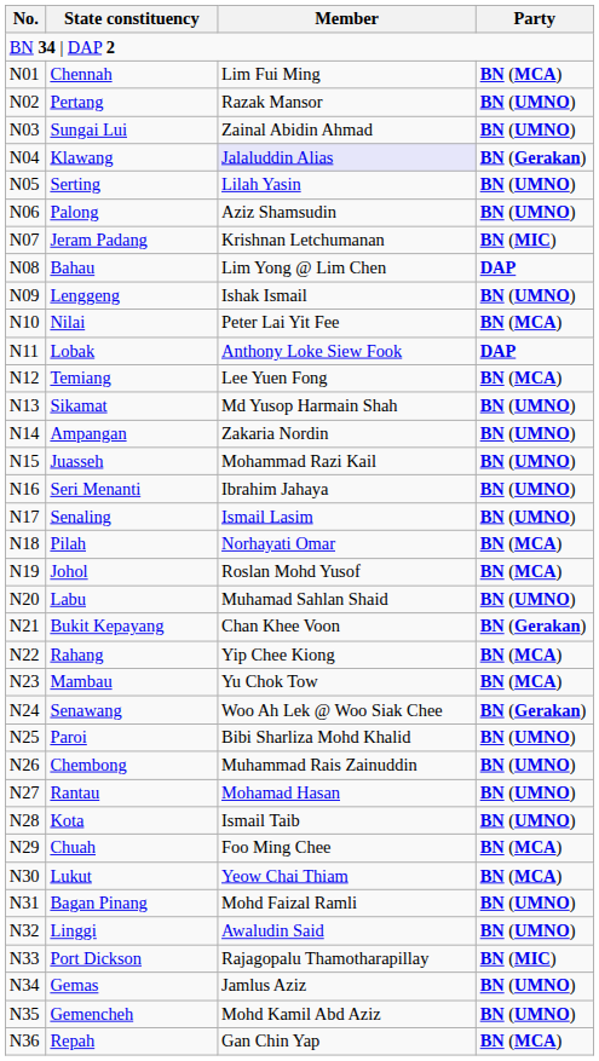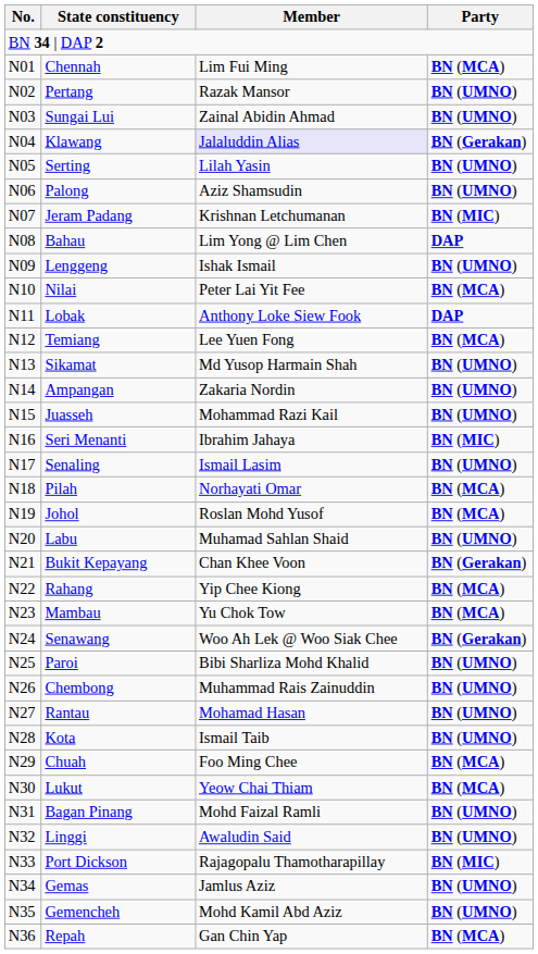 <table class="wikitable sortable">
 <tr>
 <th style="width:30px;">No.</th>
 <th style="width:150px;">State constituency</th>
 <th style="width:230px;">Member</th>
 <th style="width:100px;">Party</th>
 </tr>
 <tr>
 <td colspan="4"><a href='#'>BN</a> <strong>34</strong> | <a href='#'>DAP</a> <strong>2</strong></td>
 </tr>
 <tr>
 <td>N01</td>
 <td><a href='#'>Chennah</a></td>
 <td>Lim Fui Ming</td>
 <td><strong><a href='#'>BN</a></strong> (<strong><a href='#'>MCA</a></strong>)</td>
 </tr>
 <tr>
 <td>N02</td>
 <td><a href='#'>Pertang</a></td>
 <td>Razak Mansor</td>
 <td><strong><a href='#'>BN</a></strong> (<strong><a href='#'>UMNO</a></strong>)</td>
 </tr>
 <tr>
 <td>N03</td>
 <td><a href='#'>Sungai Lui</a></td>
 <td>Zainal Abidin Ahmad</td>
 <td><strong><a href='#'>BN</a></strong> (<strong><a href='#'>UMNO</a></strong>)</td>
 </tr>
 <tr>
 <td>N04</td>
 <td><a href='#'>Klawang</a></td>
 <td style="background: lavender;"><a href='#'>Jalaluddin Alias</a></td>
 <td><strong><a href='#'>BN</a></strong> (<strong><a href='#'>Gerakan</a></strong>)</td>
 </tr>
 <tr>
 <td>N05</td>
 <td><a href='#'>Serting</a></td>
 <td><a href='#'>Lilah Yasin</a></td>
 <td><strong><a href='#'>BN</a></strong> (<strong><a href='#'>UMNO</a></strong>)</td>
 </tr>
 <tr>
 <td>N06</td>
 <td><a href='#'>Palong</a></td>
 <td>Aziz Shamsudin</td>
 <td><strong><a href='#'>BN</a></strong> (<strong><a href='#'>UMNO</a></strong>)</td>
 </tr>
 <tr>
 <td>N07</td>
 <td><a href='#'>Jeram Padang</a></td>
 <td>Krishnan Letchumanan</td>
 <td><strong><a href='#'>BN</a></strong> (<strong><a href='#'>MIC</a></strong>)</td>
 </tr>
 <tr>
 <td>N08</td>
 <td><a href='#'>Bahau</a></td>
 <td>Lim Yong @ Lim Chen</td>
 <td><strong><a href='#'>DAP</a></strong></td>
 </tr>
 <tr>
 <td>N09</td>
 <td><a href='#'>Lenggeng</a></td>
 <td>Ishak Ismail</td>
 <td><strong><a href='#'>BN</a></strong> (<strong><a href='#'>UMNO</a></strong>)</td>
 </tr>
 <tr>
 <td>N10</td>
 <td><a href='#'>Nilai</a></td>
 <td>Peter Lai Yit Fee</td>
 <td><strong><a href='#'>BN</a></strong> (<strong><a href='#'>MCA</a></strong>)</td>
 </tr>
 <tr>
 <td>N11</td>
 <td><a href='#'>Lobak</a></td>
 <td><a href='#'>Anthony Loke Siew Fook</a></td>
 <td><strong><a href='#'>DAP</a></strong></td>
 </tr>
 <tr>
 <td>N12</td>
 <td><a href='#'>Temiang</a></td>
 <td>Lee Yuen Fong</td>
 <td><strong><a href='#'>BN</a></strong> (<strong><a href='#'>MCA</a></strong>)</td>
 </tr>
 <tr>
 <td>N13</td>
 <td><a href='#'>Sikamat</a></td>
 <td>Md Yusop Harmain Shah</td>
 <td><strong><a href='#'>BN</a></strong> (<strong><a href='#'>UMNO</a></strong>)</td>
 </tr>
 <tr>
 <td>N14</td>
 <td><a href='#'>Ampangan</a></td>
 <td>Zakaria Nordin</td>
 <td><strong><a href='#'>BN</a></strong> (<strong><a href='#'>UMNO</a></strong>)</td>
 </tr>
 <tr>
 <td>N15</td>
 <td><a href='#'>Juasseh</a></td>
 <td>Mohammad Razi Kail</td>
 <td><strong><a href='#'>BN</a></strong> (<strong><a href='#'>UMNO</a></strong>)</td>
 </tr>
 <tr>
 <td>N16</td>
 <td><a href='#'>Seri Menanti</a></td>
 <td>Ibrahim Jahaya</td>
-<td><strong><a href='#'>BN</a></strong> (<strong><a href='#'>UMNO</a></strong>)</td>
+<td><strong><a href='#'>BN</a></strong> (<strong><a href='#'>MIC</a></strong>)</td>
 </tr>
 <tr>
 <td>N17</td>
 <td><a href='#'>Senaling</a></td>
 <td><a href='#'>Ismail Lasim</a></td>
 <td><strong><a href='#'>BN</a></strong> (<strong><a href='#'>UMNO</a></strong>)</td>
 </tr>
 <tr>
 <td>N18</td>
 <td><a href='#'>Pilah</a></td>
 <td><a href='#'>Norhayati Omar</a></td>
 <td><strong><a href='#'>BN</a></strong> (<strong><a href='#'>MCA</a></strong>)</td>
 </tr>
 <tr>
 <td>N19</td>
 <td><a href='#'>Johol</a></td>
 <td>Roslan Mohd Yusof</td>
 <td><strong><a href='#'>BN</a></strong> (<strong><a href='#'>MCA</a></strong>)</td>
 </tr>
 <tr>
 <td>N20</td>
 <td><a href='#'>Labu</a></td>
 <td>Muhamad Sahlan Shaid</td>
 <td><strong><a href='#'>BN</a></strong> (<strong><a href='#'>UMNO</a></strong>)</td>
 </tr>
 <tr>
 <td>N21</td>
 <td><a href='#'>Bukit Kepayang</a></td>
 <td>Chan Khee Voon</td>
 <td><strong><a href='#'>BN</a></strong> (<strong><a href='#'>Gerakan</a></strong>)</td>
 </tr>
 <tr>
 <td>N22</td>
 <td><a href='#'>Rahang</a></td>
 <td>Yip Chee Kiong</td>
 <td><strong><a href='#'>BN</a></strong> (<strong><a href='#'>MCA</a></strong>)</td>
 </tr>
 <tr>
 <td>N23</td>
 <td><a href='#'>Mambau</a></td>
 <td>Yu Chok Tow</td>
 <td><strong><a href='#'>BN</a></strong> (<strong><a href='#'>MCA</a></strong>)</td>
 </tr>
 <tr>
 <td>N24</td>
 <td><a href='#'>Senawang</a></td>
 <td>Woo Ah Lek @ Woo Siak Chee</td>
 <td><strong><a href='#'>BN</a></strong> (<strong><a href='#'>Gerakan</a></strong>)</td>
 </tr>
 <tr>
 <td>N25</td>
 <td><a href='#'>Paroi</a></td>
 <td>Bibi Sharliza Mohd Khalid</td>
 <td><strong><a href='#'>BN</a></strong> (<strong><a href='#'>UMNO</a></strong>)</td>
 </tr>
 <tr>
 <td>N26</td>
 <td><a href='#'>Chembong</a></td>
 <td>Muhammad Rais Zainuddin</td>
 <td><strong><a href='#'>BN</a></strong> (<strong><a href='#'>UMNO</a></strong>)</td>
 </tr>
 <tr>
 <td>N27</td>
 <td><a href='#'>Rantau</a></td>
 <td><a href='#'>Mohamad Hasan</a></td>
 <td><strong><a href='#'>BN</a></strong> (<strong><a href='#'>UMNO</a></strong>)</td>
 </tr>
 <tr>
 <td>N28</td>
 <td><a href='#'>Kota</a></td>
 <td>Ismail Taib</td>
 <td><strong><a href='#'>BN</a></strong> (<strong><a href='#'>UMNO</a></strong>)</td>
 </tr>
 <tr>
 <td>N29</td>
 <td><a href='#'>Chuah</a></td>
 <td>Foo Ming Chee</td>
 <td><strong><a href='#'>BN</a></strong> (<strong><a href='#'>MCA</a></strong>)</td>
 </tr>
 <tr>
 <td>N30</td>
 <td><a href='#'>Lukut</a></td>
 <td><a href='#'>Yeow Chai Thiam</a></td>
 <td><strong><a href='#'>BN</a></strong> (<strong><a href='#'>MCA</a></strong>)</td>
 </tr>
 <tr>
 <td>N31</td>
 <td><a href='#'>Bagan Pinang</a></td>
 <td>Mohd Faizal Ramli</td>
 <td><strong><a href='#'>BN</a></strong> (<strong><a href='#'>UMNO</a></strong>)</td>
 </tr>
 <tr>
 <td>N32</td>
 <td><a href='#'>Linggi</a></td>
 <td><a href='#'>Awaludin Said</a></td>
 <td><strong><a href='#'>BN</a></strong> (<strong><a href='#'>UMNO</a></strong>)</td>
 </tr>
 <tr>
 <td>N33</td>
 <td><a href='#'>Port Dickson</a></td>
 <td>Rajagopalu Thamotharapillay</td>
 <td><strong><a href='#'>BN</a></strong> (<strong><a href='#'>MIC</a></strong>)</td>
 </tr>
 <tr>
 <td>N34</td>
 <td><a href='#'>Gemas</a></td>
 <td>Jamlus Aziz</td>
 <td><strong><a href='#'>BN</a></strong> (<strong><a href='#'>UMNO</a></strong>)</td>
 </tr>
 <tr>
 <td>N35</td>
 <td><a href='#'>Gemencheh</a></td>
 <td>Mohd Kamil Abd Aziz</td>
 <td><strong><a href='#'>BN</a></strong> (<strong><a href='#'>UMNO</a></strong>)</td>
 </tr>
 <tr>
 <td>N36</td>
 <td><a href='#'>Repah</a></td>
 <td>Gan Chin Yap</td>
 <td><strong><a href='#'>BN</a></strong> (<strong><a href='#'>MCA</a></strong>)</td>
 </tr>
 </table>
